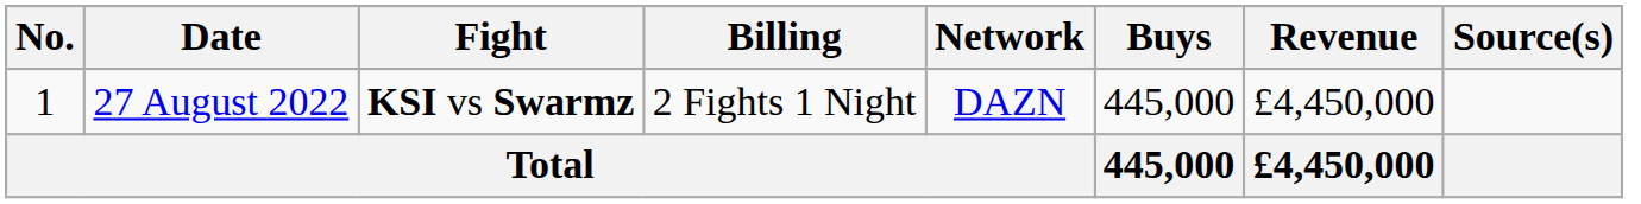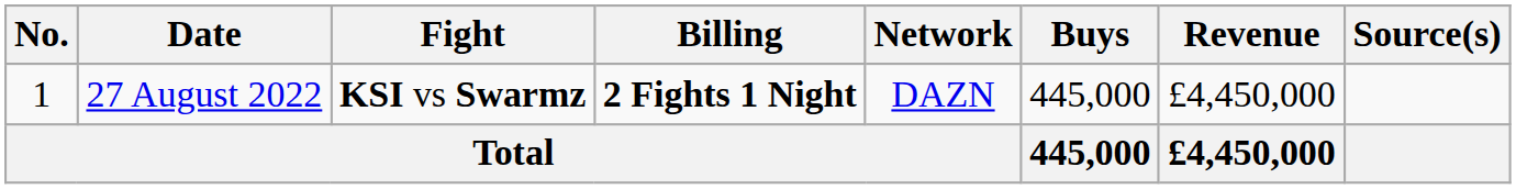 <table class="wikitable sortable">
 <tr>
 <th>No.</th>
 <th>Date</th>
 <th>Fight</th>
 <th>Billing</th>
 <th>Network</th>
 <th>Buys</th>
 <th>Revenue</th>
 <th>Source(s)</th>
 </tr>
 <tr>
 <td align="center">1</td>
 <td align="center"><a href='#'>27 August 2022</a></td>
 <td align="center"><strong>KSI</strong> vs <strong>Swarmz</strong></td>
-<td align="center">2 Fights 1 Night</td>
+<td align="center"><strong>2 Fights 1 Night</strong></td>
 <td align="center"><a href='#'>DAZN</a></td>
 <td align="center">445,000</td>
 <td align="center">£4,450,000</td>
 <td align="center"></td>
 </tr>
 <tr>
 <th colspan="5">Total</th>
 <th>445,000</th>
 <th>£4,450,000</th>
 <th></th>
 </tr>
 </table>
